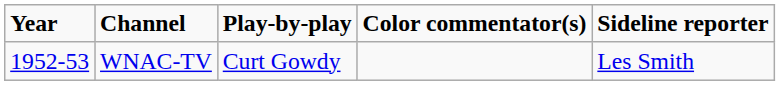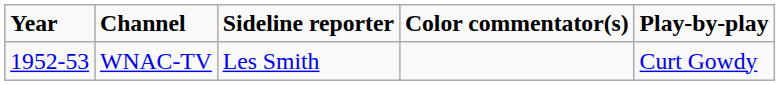 <table class="wikitable">
 <tr>
 <td><strong>Year</strong></td>
 <td><strong>Channel</strong></td>
+<td><strong>Sideline reporter</strong></td>
+<td><strong>Color commentator(s)</strong></td>
 <td><strong>Play-by-play</strong></td>
-<td><strong>Color commentator(s)</strong></td>
-<td><strong>Sideline reporter</strong></td>
 </tr>
 <tr>
 <td><a href='#'>1952-53</a></td>
 <td><a href='#'>WNAC-TV</a></td>
+<td><a href='#'>Les Smith</a></td>
+<td></td>
 <td><a href='#'>Curt Gowdy</a></td>
-<td></td>
-<td><a href='#'>Les Smith</a></td>
 </tr>
 </table>
